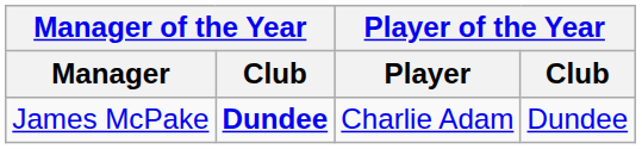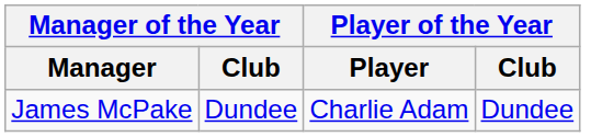 <table class="wikitable">
 <tr>
 <th colspan="2"><a href='#'>Manager of the Year</a></th>
 <th colspan="2"><a href='#'>Player of the Year</a></th>
 </tr>
 <tr>
 <th>Manager</th>
 <th>Club</th>
 <th>Player</th>
 <th>Club</th>
 </tr>
 <tr>
 <td> <a href='#'>James McPake</a></td>
-<td><strong><a href='#'>Dundee</a></strong></td>
+<td><a href='#'>Dundee</a></td>
 <td> <a href='#'>Charlie Adam</a></td>
 <td><a href='#'>Dundee</a></td>
 </tr>
 </table>
